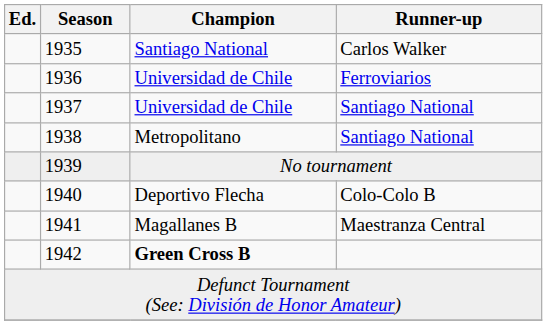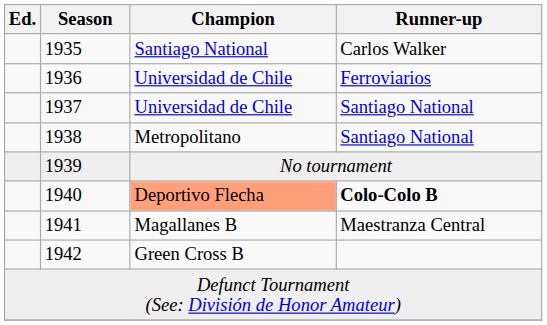 <table class="wikitable sortable">
 <tr>
 <th width=px>Ed.</th>
 <th width="70">Season</th>
 <th width="170">Champion</th>
 <th width="170">Runner-up</th>
 </tr>
 <tr>
 <td></td>
 <td>1935</td>
 <td><a href='#'>Santiago National</a></td>
 <td>Carlos Walker</td>
 </tr>
 <tr>
 <td></td>
 <td>1936</td>
 <td><a href='#'>Universidad de Chile</a></td>
 <td><a href='#'>Ferroviarios</a></td>
 </tr>
 <tr>
 <td></td>
 <td>1937</td>
 <td><a href='#'>Universidad de Chile</a></td>
 <td><a href='#'>Santiago National</a></td>
 </tr>
 <tr>
 <td></td>
 <td>1938</td>
 <td>Metropolitano</td>
 <td><a href='#'>Santiago National</a></td>
 </tr>
 <tr bgcolor=#efefef>
 <td></td>
 <td>1939</td>
 <td colspan="2" style="text-align:center;"><em>No tournament</em></td>
 </tr>
 <tr>
 <td></td>
 <td>1940</td>
-<td>Deportivo Flecha</td>
-<td>Colo-Colo B</td>
+<td style="background: lightsalmon;">Deportivo Flecha</td>
+<td><strong>Colo-Colo B</strong></td>
 </tr>
 <tr>
 <td></td>
 <td>1941</td>
 <td>Magallanes B</td>
 <td>Maestranza Central</td>
 </tr>
 <tr>
 <td></td>
 <td>1942</td>
-<td><strong>Green Cross B</strong></td>
+<td>Green Cross B</td>
 <td></td>
 </tr>
 <tr bgcolor=#efefef>
 <td colspan="4" style="text-align:center;"><em>Defunct Tournament</em><br><em>(See: <a href='#'>División de Honor Amateur</a>)</em></td>
 </tr>
 <tr>
 </tr>
 </table>
